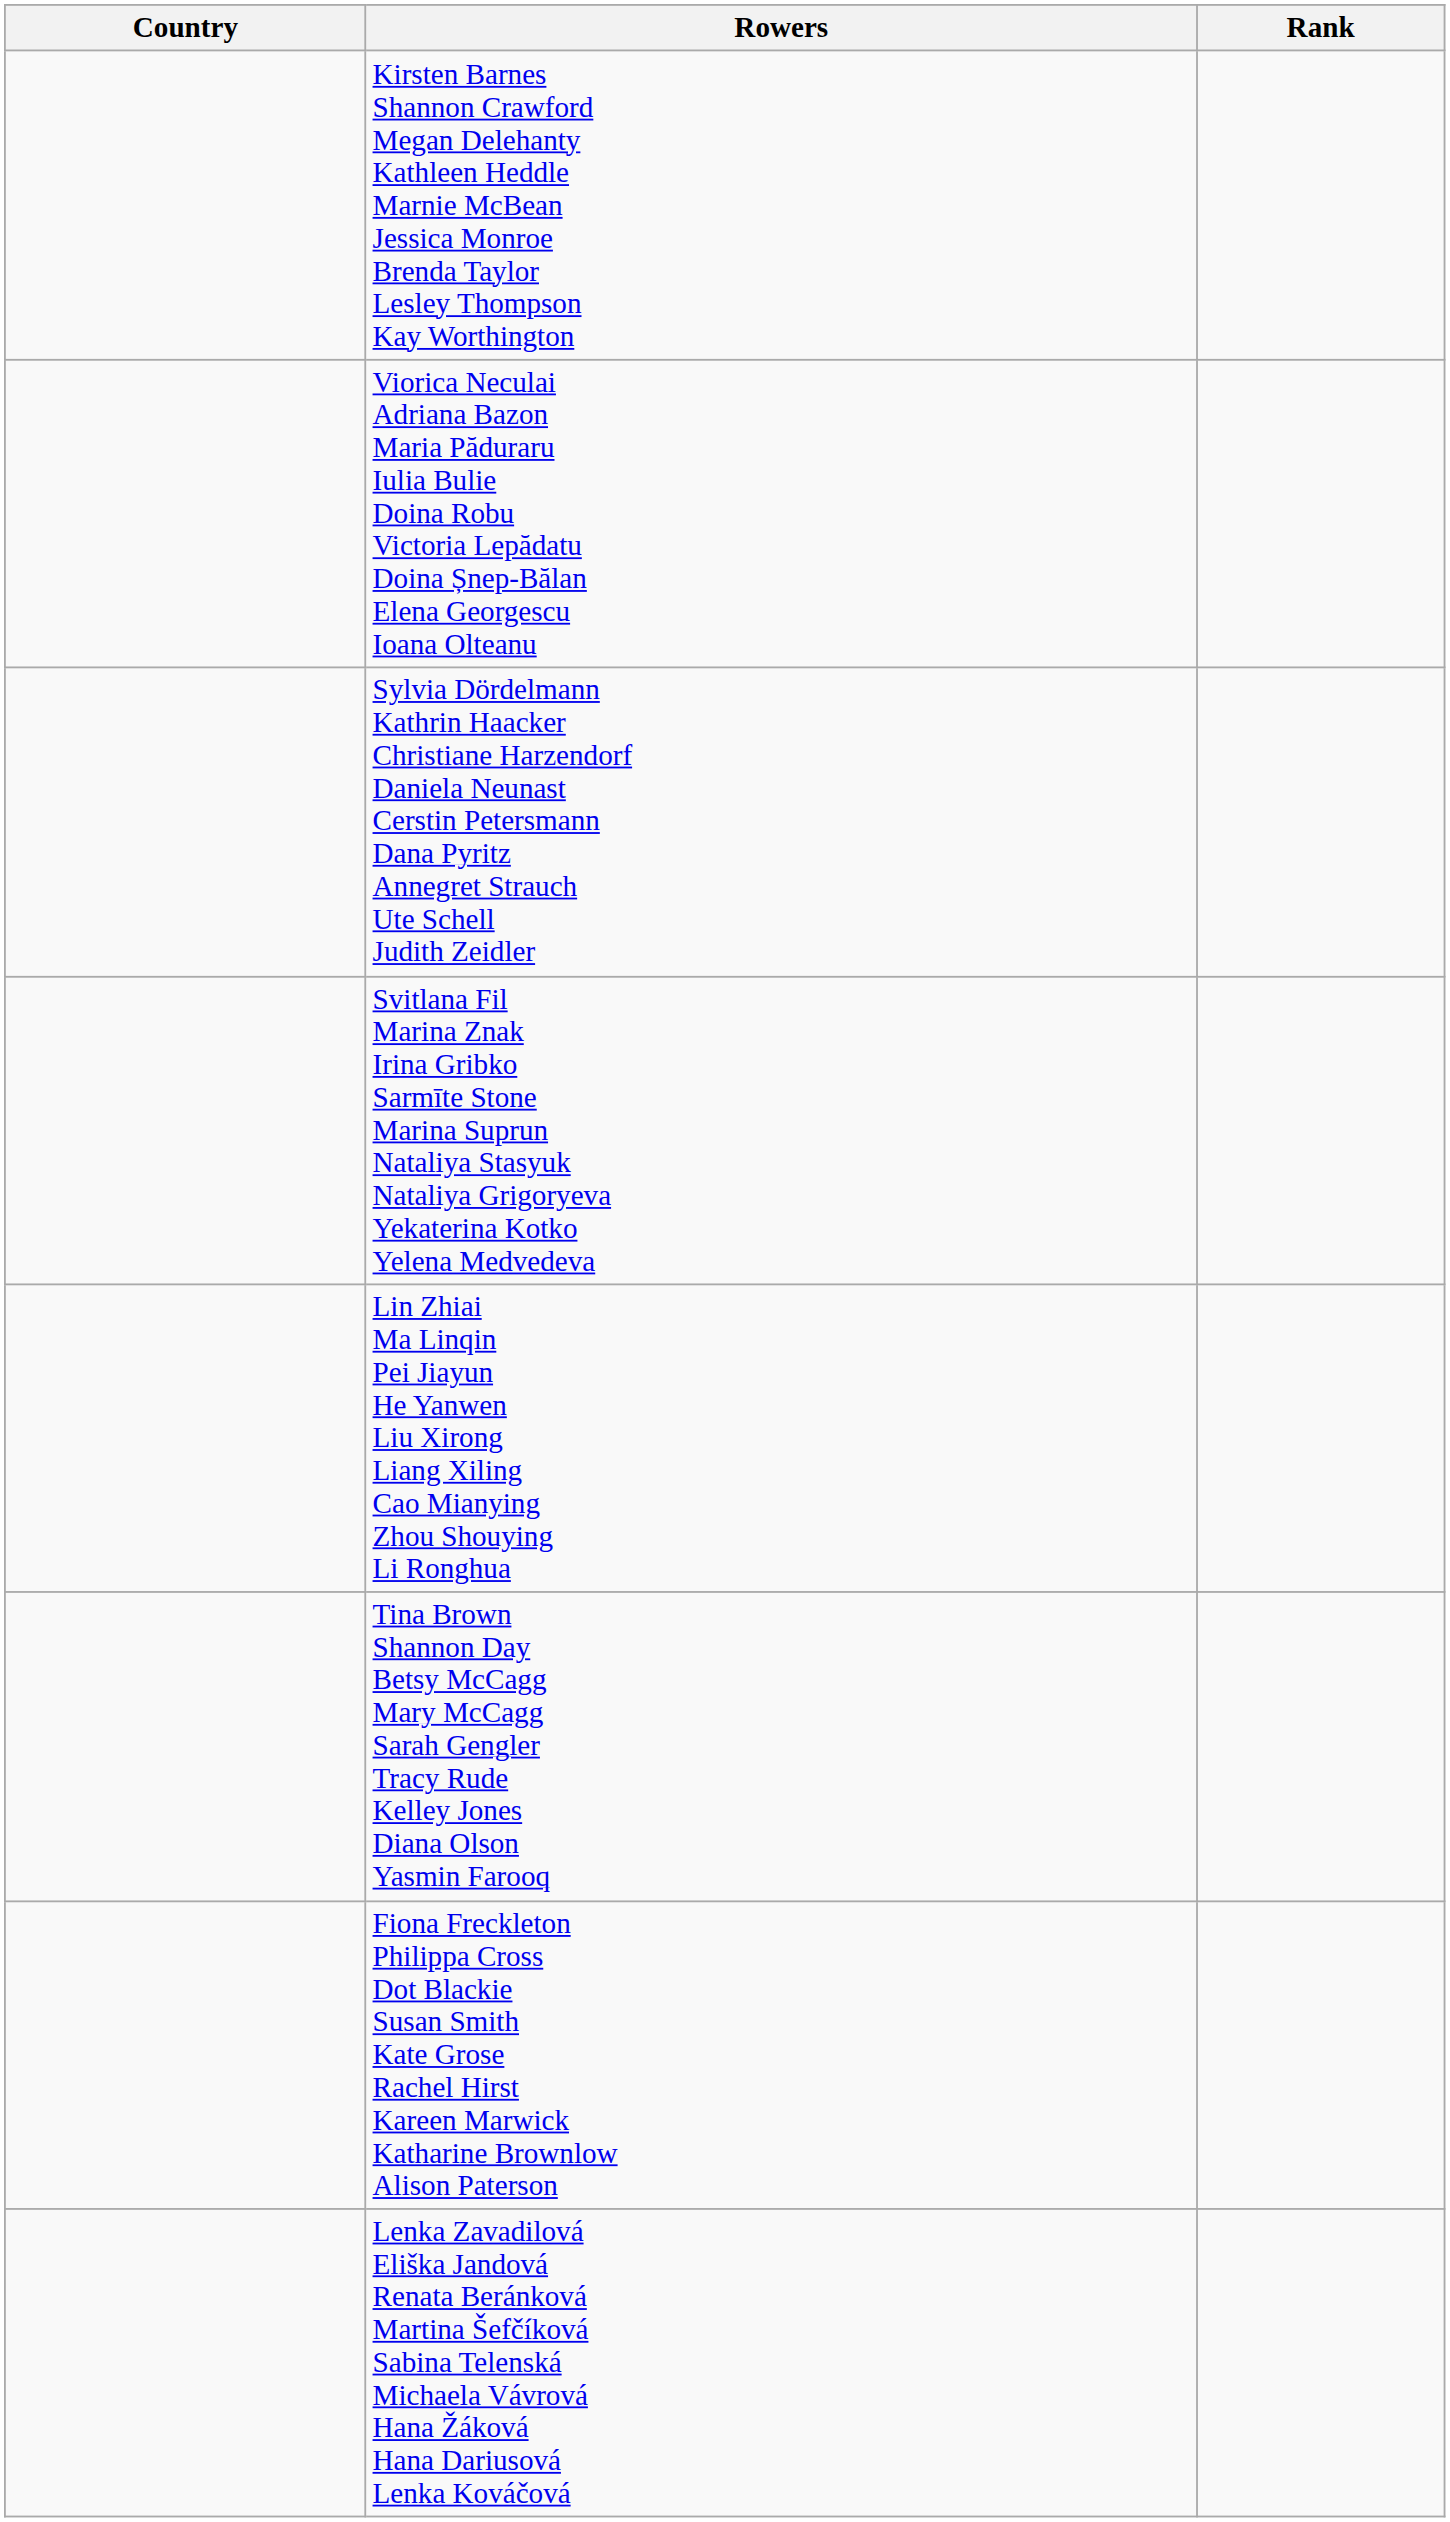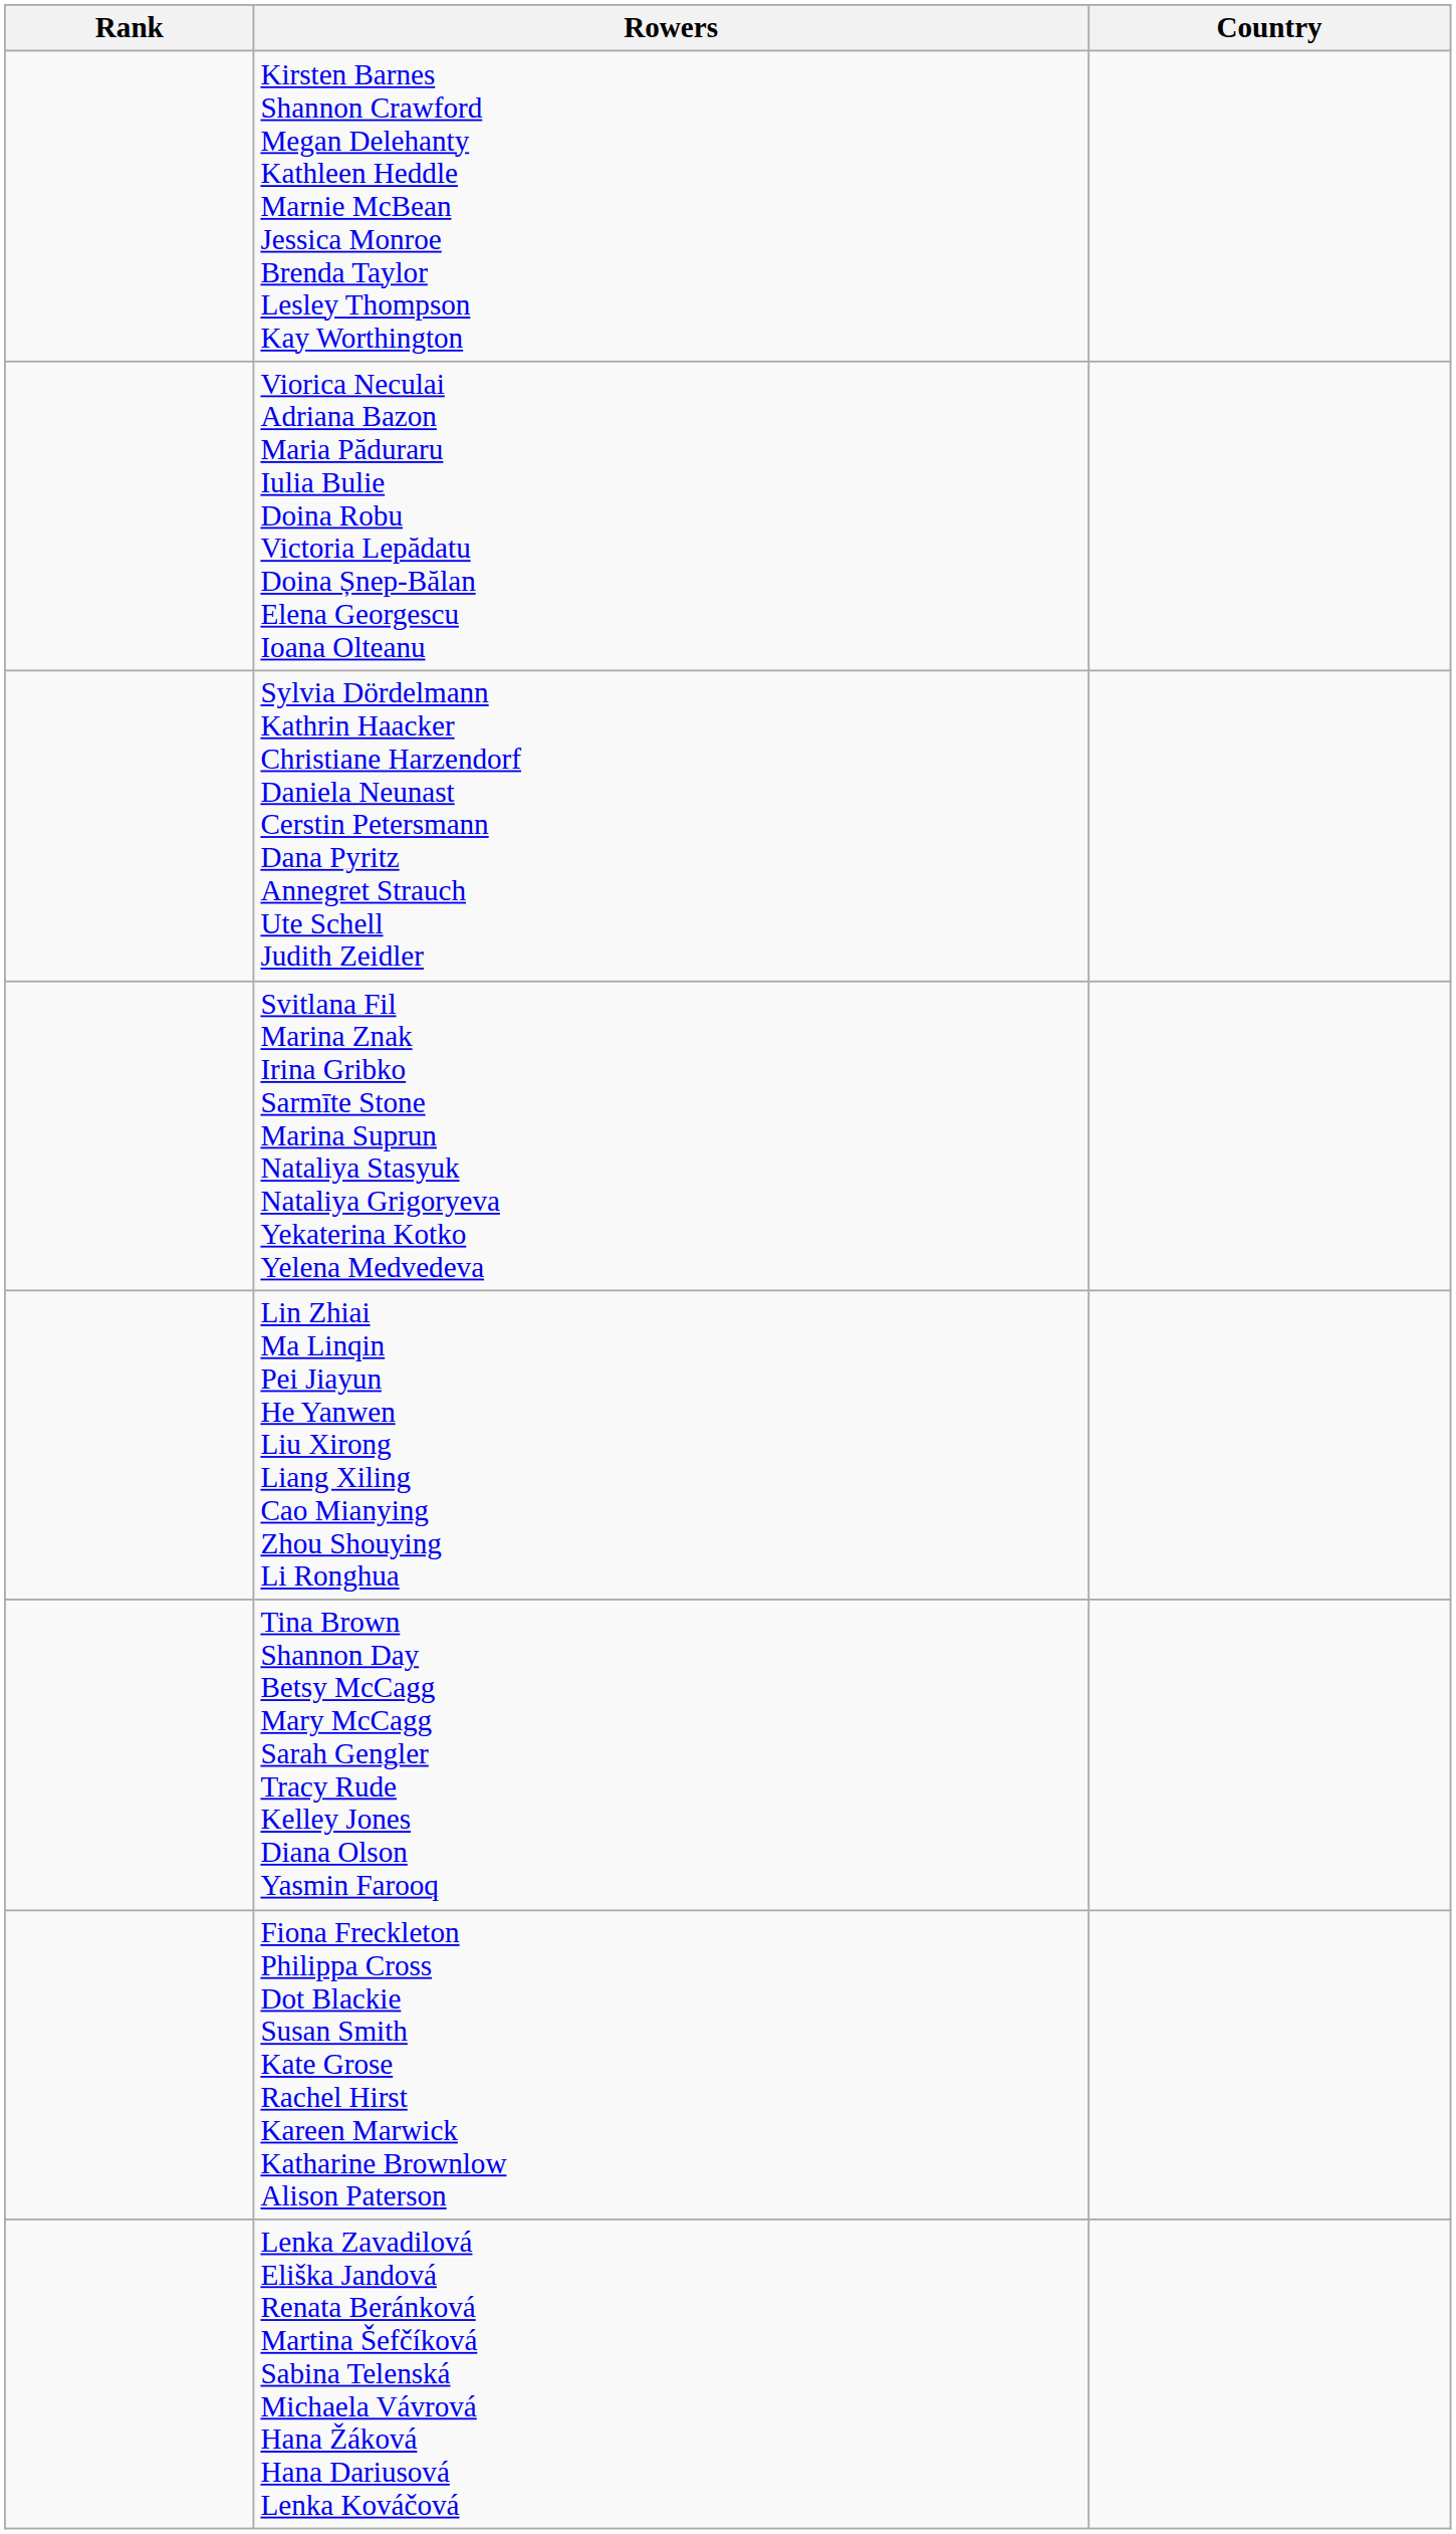 <table class="wikitable" width=50%>
 <tr>
+<th>Rank</th>
+<th>Rowers</th>
 <th>Country</th>
-<th>Rowers</th>
-<th>Rank</th>
 </tr>
 <tr>
 <td></td>
 <td><a href='#'>Kirsten Barnes</a><br><a href='#'>Shannon Crawford</a><br><a href='#'>Megan Delehanty</a><br><a href='#'>Kathleen Heddle</a><br><a href='#'>Marnie McBean</a><br><a href='#'>Jessica Monroe</a><br><a href='#'>Brenda Taylor</a><br><a href='#'>Lesley Thompson</a><br><a href='#'>Kay Worthington</a></td>
 <td></td>
 </tr>
 <tr>
 <td></td>
 <td><a href='#'>Viorica Neculai</a><br><a href='#'>Adriana Bazon</a><br><a href='#'>Maria Păduraru</a><br><a href='#'>Iulia Bulie</a><br><a href='#'>Doina Robu</a><br><a href='#'>Victoria Lepădatu</a><br><a href='#'>Doina Șnep-Bălan</a><br><a href='#'>Elena Georgescu</a><br><a href='#'>Ioana Olteanu</a></td>
 <td></td>
 </tr>
 <tr>
 <td></td>
 <td><a href='#'>Sylvia Dördelmann</a><br><a href='#'>Kathrin Haacker</a><br><a href='#'>Christiane Harzendorf</a><br><a href='#'>Daniela Neunast</a><br><a href='#'>Cerstin Petersmann</a><br><a href='#'>Dana Pyritz</a><br><a href='#'>Annegret Strauch</a><br><a href='#'>Ute Schell</a><br><a href='#'>Judith Zeidler</a></td>
 <td></td>
 </tr>
 <tr>
 <td></td>
 <td><a href='#'>Svitlana Fil</a><br><a href='#'>Marina Znak</a><br><a href='#'>Irina Gribko</a><br><a href='#'>Sarmīte Stone</a><br><a href='#'>Marina Suprun</a><br><a href='#'>Nataliya Stasyuk</a><br><a href='#'>Nataliya Grigoryeva</a><br><a href='#'>Yekaterina Kotko</a><br><a href='#'>Yelena Medvedeva</a></td>
 <td></td>
 </tr>
 <tr>
 <td></td>
 <td><a href='#'>Lin Zhiai</a><br><a href='#'>Ma Linqin</a><br><a href='#'>Pei Jiayun</a><br><a href='#'>He Yanwen</a><br><a href='#'>Liu Xirong</a><br><a href='#'>Liang Xiling</a><br><a href='#'>Cao Mianying</a><br><a href='#'>Zhou Shouying</a><br><a href='#'>Li Ronghua</a></td>
 <td></td>
 </tr>
 <tr>
 <td></td>
 <td><a href='#'>Tina Brown</a><br><a href='#'>Shannon Day</a><br><a href='#'>Betsy McCagg</a><br><a href='#'>Mary McCagg</a><br><a href='#'>Sarah Gengler</a><br><a href='#'>Tracy Rude</a><br><a href='#'>Kelley Jones</a><br><a href='#'>Diana Olson</a><br><a href='#'>Yasmin Farooq</a></td>
 <td></td>
 </tr>
 <tr>
 <td></td>
 <td><a href='#'>Fiona Freckleton</a><br><a href='#'>Philippa Cross</a><br><a href='#'>Dot Blackie</a><br><a href='#'>Susan Smith</a><br><a href='#'>Kate Grose</a><br><a href='#'>Rachel Hirst</a><br><a href='#'>Kareen Marwick</a><br><a href='#'>Katharine Brownlow</a><br><a href='#'>Alison Paterson</a></td>
 <td></td>
 </tr>
 <tr>
 <td></td>
 <td><a href='#'>Lenka Zavadilová</a><br><a href='#'>Eliška Jandová</a><br><a href='#'>Renata Beránková</a><br><a href='#'>Martina Šefčíková</a><br><a href='#'>Sabina Telenská</a><br><a href='#'>Michaela Vávrová</a><br><a href='#'>Hana Žáková</a><br><a href='#'>Hana Dariusová</a><br><a href='#'>Lenka Kováčová</a></td>
 <td></td>
 </tr>
 </table>
